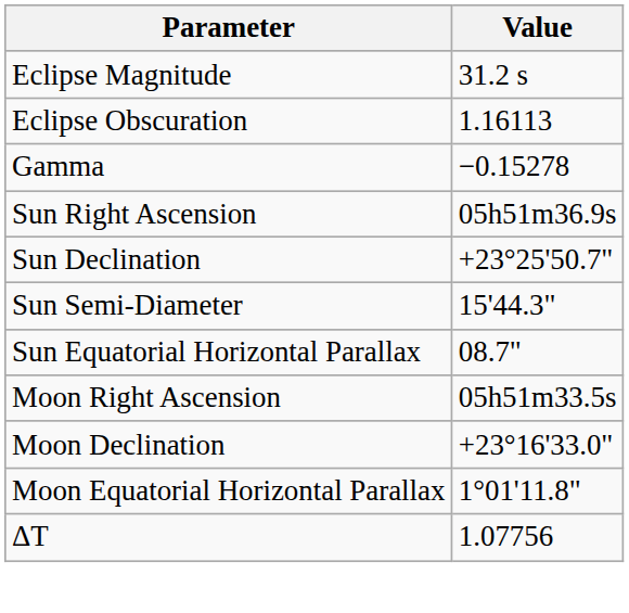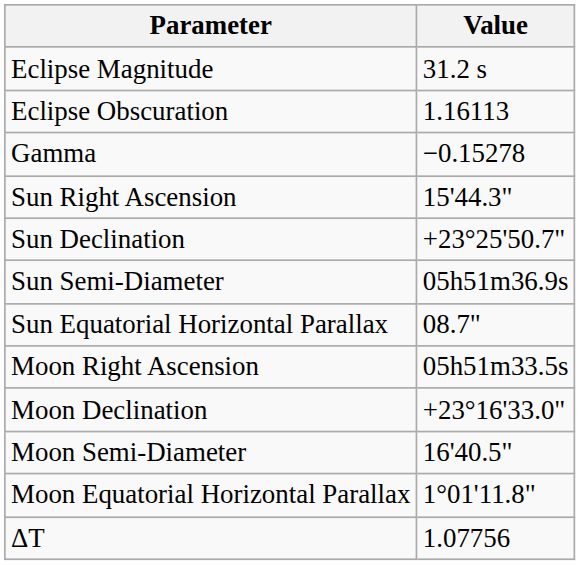 <table class="wikitable">
 <tr>
 <th>Parameter</th>
 <th>Value</th>
 </tr>
 <tr>
 <td>Eclipse Magnitude</td>
 <td>31.2 s</td>
 </tr>
 <tr>
 <td>Eclipse Obscuration</td>
 <td>1.16113</td>
 </tr>
 <tr>
 <td>Gamma</td>
 <td>−0.15278</td>
 </tr>
 <tr>
 <td>Sun Right Ascension</td>
-<td>05h51m36.9s</td>
+<td>15'44.3"</td>
 </tr>
 <tr>
 <td>Sun Declination</td>
 <td>+23°25'50.7"</td>
 </tr>
 <tr>
 <td>Sun Semi-Diameter</td>
-<td>15'44.3"</td>
+<td>05h51m36.9s</td>
 </tr>
 <tr>
 <td>Sun Equatorial Horizontal Parallax</td>
 <td>08.7"</td>
 </tr>
 <tr>
 <td>Moon Right Ascension</td>
 <td>05h51m33.5s</td>
 </tr>
 <tr>
 <td>Moon Declination</td>
 <td>+23°16'33.0"</td>
 </tr>
 <tr>
+<td>Moon Semi-Diameter</td>
+<td>16'40.5"</td>
+</tr>
+<tr>
 <td>Moon Equatorial Horizontal Parallax</td>
 <td>1°01'11.8"</td>
 </tr>
 <tr>
 <td>ΔT</td>
 <td>1.07756</td>
 </tr>
 </table>
